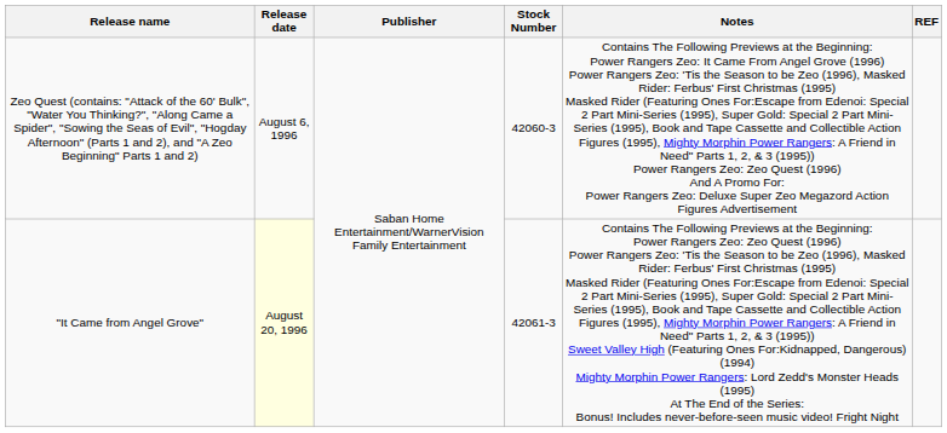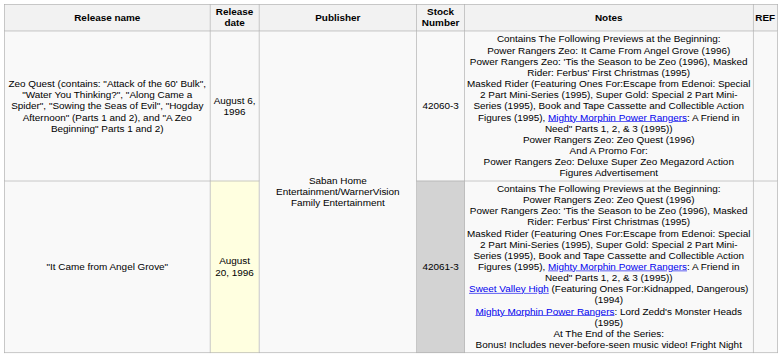 <table class="wikitable">
 <tr>
 <th>Release name<br></th>
 <th>Release date<br></th>
 <th>Publisher <br></th>
 <th>Stock Number <br></th>
 <th>Notes <br></th>
 <th>REF</th>
 </tr>
 <tr style="text-align:center;">
 <td>Zeo Quest (contains: "Attack of the 60' Bulk", "Water You Thinking?", "Along Came a Spider", "Sowing the Seas of Evil", "Hogday Afternoon" (Parts 1 and 2), and "A Zeo Beginning" Parts 1 and 2)</td>
 <td>August 6, 1996</td>
 <td rowspan="2">Saban Home Entertainment/WarnerVision Family Entertainment</td>
 <td>42060-3</td>
 <td>Contains The Following Previews at the Beginning:<br>Power Rangers Zeo: It Came From Angel Grove (1996)<br>Power Rangers Zeo: 'Tis the Season to be Zeo (1996), Masked Rider: Ferbus' First Christmas (1995)<br>Masked Rider (Featuring Ones For:Escape from Edenoi: Special 2 Part Mini-Series (1995), Super Gold: Special 2 Part Mini-Series (1995), Book and Tape Cassette and Collectible Action Figures (1995), <a href='#'>Mighty Morphin Power Rangers</a>: A Friend in Need" Parts 1, 2, & 3 (1995))<br>Power Rangers Zeo: Zeo Quest (1996)<br>And A Promo For:<br>Power Rangers Zeo: Deluxe Super Zeo Megazord Action Figures Advertisement</td>
 <td></td>
 </tr>
 <tr style="text-align:center;">
 <td>"It Came from Angel Grove"</td>
 <td style="background: lightyellow;">August 20, 1996</td>
-<td>42061-3</td>
+<td style="background: lightgrey;">42061-3</td>
 <td>Contains The Following Previews at the Beginning:<br>Power Rangers Zeo: Zeo Quest (1996)<br>Power Rangers Zeo: 'Tis the Season to be Zeo (1996), Masked Rider: Ferbus' First Christmas (1995)<br>Masked Rider (Featuring Ones For:Escape from Edenoi: Special 2 Part Mini-Series (1995), Super Gold: Special 2 Part Mini-Series (1995), Book and Tape Cassette and Collectible Action Figures (1995), <a href='#'>Mighty Morphin Power Rangers</a>: A Friend in Need" Parts 1, 2, & 3 (1995))<br><a href='#'>Sweet Valley High</a> (Featuring Ones For:Kidnapped, Dangerous) (1994)<br><a href='#'>Mighty Morphin Power Rangers</a>: Lord Zedd's Monster Heads (1995)<br>At The End of the Series:<br>Bonus! Includes never-before-seen music video! Fright Night</td>
 <td></td>
 </tr>
 </table>
